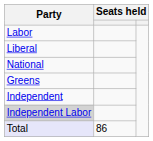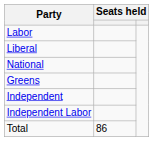 <table class="wikitable">
 <tr>
 <th rowspan=2>Party</th>
 <th colspan=2>Seats held</th>
 </tr>
 <tr>
 <th></th>
 <th></th>
 </tr>
 <tr>
 <td><a href='#'>Labor</a></td>
 <td align=center></td>
 </tr>
 <tr>
 <td><a href='#'>Liberal</a></td>
 <td align=center></td>
 </tr>
 <tr>
 <td><a href='#'>National</a></td>
 <td align=center></td>
 </tr>
 <tr>
 <td><a href='#'>Greens</a></td>
 <td align=center></td>
 </tr>
 <tr>
 <td><a href='#'>Independent</a></td>
 <td align=center></td>
 </tr>
 <tr>
-<td style="background: lightgrey;"><a href='#'>Independent Labor</a></td>
+<td><a href='#'>Independent Labor</a></td>
 <td align=center></td>
 </tr>
 <tr>
-<td style="background: lavender;">Total</td>
+<td>Total</td>
 <td>86</td>
 </tr>
 </table>
